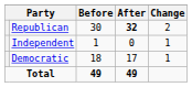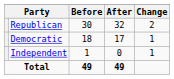 <table class="wikitable" style="text-align:center;">
 <tr>
 </tr>
 <tr>
 <th colspan=2>Party</th>
 <th>Before</th>
 <th>After</th>
 <th>Change</th>
 </tr>
 <tr>
 <th style="background-color:"></th>
 <td style="text-align:left;"><a href='#'>Republican</a></td>
 <td>30</td>
-<td><strong>32</strong></td>
+<td>32</td>
 <td> 2</td>
+</tr>
+<tr>
+<th style="background-color:"></th>
+<td style="text-align:left;"><a href='#'>Democratic</a></td>
+<td>18</td>
+<td>17</td>
+<td> 1</td>
 </tr>
 <tr>
 <th style="background-color:"></th>
 <td style="text-align:left;"><a href='#'>Independent</a></td>
 <td>1</td>
 <td>0</td>
 <td> 1</td>
 </tr>
 <tr>
-<th style="background-color:"></th>
-<td style="text-align:left;"><a href='#'>Democratic</a></td>
-<td>18</td>
-<td>17</td>
-<td> 1</td>
-</tr>
-<tr>
 <td colspan=2><strong>Total</strong></td>
 <td><strong>49</strong></td>
 <td><strong>49</strong></td>
 <td></td>
 </tr>
 </table>
